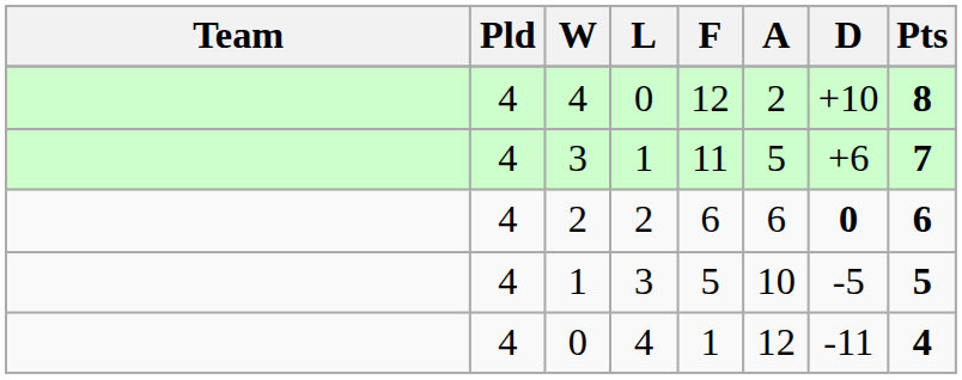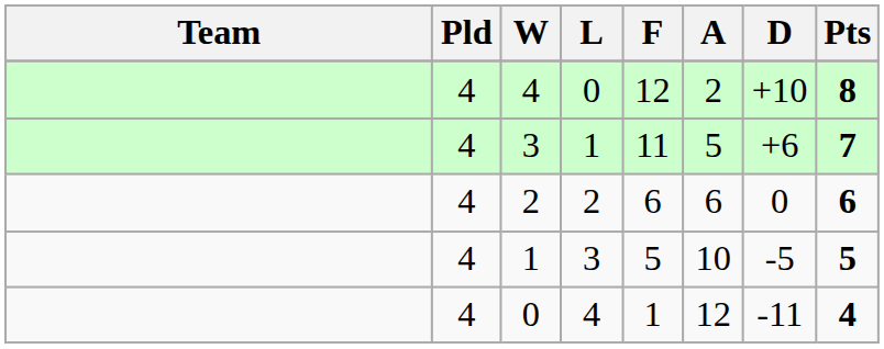 <table class=wikitable style="text-align:center">
 <tr>
 <th width=185>Team</th>
 <th width=20>Pld</th>
 <th width=20>W</th>
 <th width=20>L</th>
 <th width=20>F</th>
 <th width=20>A</th>
 <th width=20>D</th>
 <th width=20>Pts</th>
 </tr>
 <tr>
 </tr>
 <tr style="background: #ccffcc;">
 <td align="left"></td>
 <td>4</td>
 <td>4</td>
 <td>0</td>
 <td>12</td>
 <td>2</td>
 <td>+10</td>
 <td><strong>8</strong></td>
 </tr>
 <tr>
 </tr>
 <tr style="background: #ccffcc;">
 <td align="left"></td>
 <td>4</td>
 <td>3</td>
 <td>1</td>
 <td>11</td>
 <td>5</td>
 <td>+6</td>
 <td><strong>7</strong></td>
 </tr>
 <tr>
 <td align="left"></td>
 <td>4</td>
 <td>2</td>
 <td>2</td>
 <td>6</td>
 <td>6</td>
-<td><strong>0</strong></td>
+<td>0</td>
 <td><strong>6</strong></td>
 </tr>
 <tr>
 <td align="left"></td>
 <td>4</td>
 <td>1</td>
 <td>3</td>
 <td>5</td>
 <td>10</td>
 <td>-5</td>
 <td><strong>5</strong></td>
 </tr>
 <tr>
 <td align="left"></td>
 <td>4</td>
 <td>0</td>
 <td>4</td>
 <td>1</td>
 <td>12</td>
 <td>-11</td>
 <td><strong>4</strong></td>
 </tr>
 </table>
